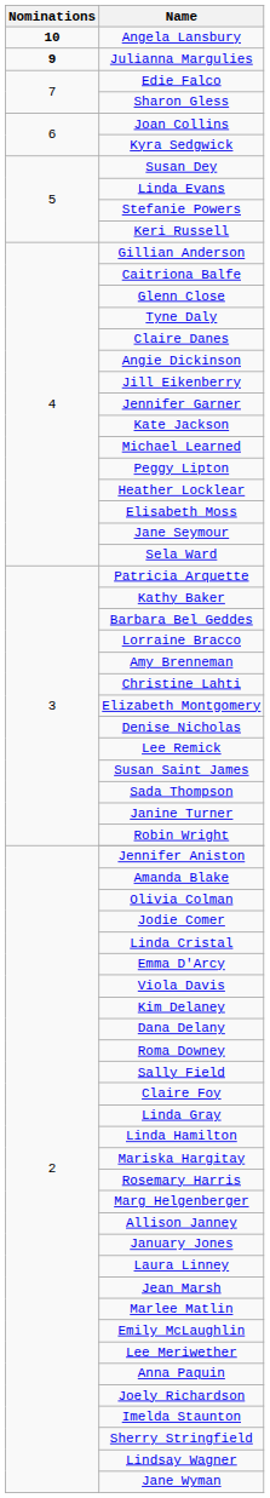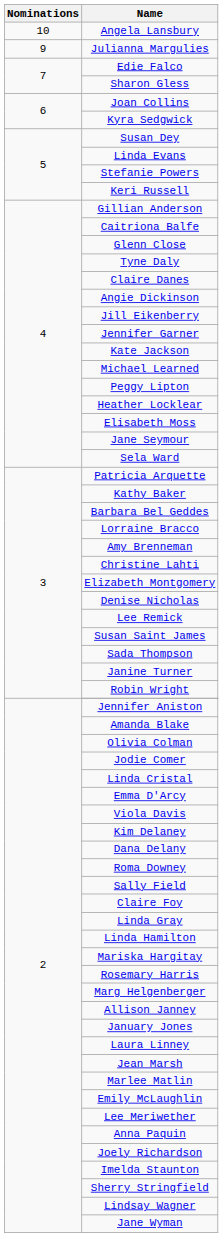 <table class="wikitable sortable" style="text-align: center;">
 <tr>
 <th scope="col" width="55">Nominations</th>
 <th scope="col" align="center">Name</th>
 </tr>
 <tr>
-<td><strong>10</strong></td>
+<td>10</td>
 <td><a href='#'>Angela Lansbury</a></td>
 </tr>
 <tr>
-<td><strong>9</strong></td>
+<td>9</td>
 <td><a href='#'>Julianna Margulies</a></td>
 </tr>
 <tr>
 <td rowspan="2">7</td>
 <td><a href='#'>Edie Falco</a></td>
 </tr>
 <tr>
 <td><a href='#'>Sharon Gless</a></td>
 </tr>
 <tr>
 <td rowspan="2">6</td>
 <td><a href='#'>Joan Collins</a></td>
 </tr>
 <tr>
 <td><a href='#'>Kyra Sedgwick</a></td>
 </tr>
 <tr>
 <td rowspan="4">5</td>
 <td><a href='#'>Susan Dey</a></td>
 </tr>
 <tr>
 <td><a href='#'>Linda Evans</a></td>
 </tr>
 <tr>
 <td><a href='#'>Stefanie Powers</a></td>
 </tr>
 <tr>
 <td><a href='#'>Keri Russell</a></td>
 </tr>
 <tr>
 <td rowspan="15">4</td>
 <td><a href='#'>Gillian Anderson</a></td>
 </tr>
 <tr>
 <td><a href='#'>Caitriona Balfe</a></td>
 </tr>
 <tr>
 <td><a href='#'>Glenn Close</a></td>
 </tr>
 <tr>
 <td><a href='#'>Tyne Daly</a></td>
 </tr>
 <tr>
 <td><a href='#'>Claire Danes</a></td>
 </tr>
 <tr>
 <td><a href='#'>Angie Dickinson</a></td>
 </tr>
 <tr>
 <td><a href='#'>Jill Eikenberry</a></td>
 </tr>
 <tr>
 <td><a href='#'>Jennifer Garner</a></td>
 </tr>
 <tr>
 <td><a href='#'>Kate Jackson</a></td>
 </tr>
 <tr>
 <td><a href='#'>Michael Learned</a></td>
 </tr>
 <tr>
 <td><a href='#'>Peggy Lipton</a></td>
 </tr>
 <tr>
 <td><a href='#'>Heather Locklear</a></td>
 </tr>
 <tr>
 <td><a href='#'>Elisabeth Moss</a></td>
 </tr>
 <tr>
 <td><a href='#'>Jane Seymour</a></td>
 </tr>
 <tr>
 <td><a href='#'>Sela Ward</a></td>
 </tr>
 <tr>
 <td rowspan="13">3</td>
 <td><a href='#'>Patricia Arquette</a></td>
 </tr>
 <tr>
 <td><a href='#'>Kathy Baker</a></td>
 </tr>
 <tr>
 <td><a href='#'>Barbara Bel Geddes</a></td>
 </tr>
 <tr>
 <td><a href='#'>Lorraine Bracco</a></td>
 </tr>
 <tr>
 <td><a href='#'>Amy Brenneman</a></td>
 </tr>
 <tr>
 <td><a href='#'>Christine Lahti</a></td>
 </tr>
 <tr>
 <td><a href='#'>Elizabeth Montgomery</a></td>
 </tr>
 <tr>
 <td><a href='#'>Denise Nicholas</a></td>
 </tr>
 <tr>
 <td><a href='#'>Lee Remick</a></td>
 </tr>
 <tr>
 <td><a href='#'>Susan Saint James</a></td>
 </tr>
 <tr>
 <td><a href='#'>Sada Thompson</a></td>
 </tr>
 <tr>
 <td><a href='#'>Janine Turner</a></td>
 </tr>
 <tr>
 <td><a href='#'>Robin Wright</a></td>
 </tr>
 <tr>
 <td rowspan="32">2</td>
 </tr>
 <tr>
 <td><a href='#'>Jennifer Aniston</a></td>
 </tr>
 <tr>
 <td><a href='#'>Amanda Blake</a></td>
 </tr>
 <tr>
 <td><a href='#'>Olivia Colman</a></td>
 </tr>
 <tr>
 <td><a href='#'>Jodie Comer</a></td>
 </tr>
 <tr>
 <td><a href='#'>Linda Cristal</a></td>
 </tr>
 <tr>
 <td><a href='#'>Emma D'Arcy</a></td>
 </tr>
 <tr>
 <td><a href='#'>Viola Davis</a></td>
 </tr>
 <tr>
 <td><a href='#'>Kim Delaney</a></td>
 </tr>
 <tr>
 <td><a href='#'>Dana Delany</a></td>
 </tr>
 <tr>
 <td><a href='#'>Roma Downey</a></td>
 </tr>
 <tr>
 <td><a href='#'>Sally Field</a></td>
 </tr>
 <tr>
 <td><a href='#'>Claire Foy</a></td>
 </tr>
 <tr>
 <td><a href='#'>Linda Gray</a></td>
 </tr>
 <tr>
 <td><a href='#'>Linda Hamilton</a></td>
 </tr>
 <tr>
 <td><a href='#'>Mariska Hargitay</a></td>
 </tr>
 <tr>
 <td><a href='#'>Rosemary Harris</a></td>
 </tr>
 <tr>
 <td><a href='#'>Marg Helgenberger</a></td>
 </tr>
 <tr>
 <td><a href='#'>Allison Janney</a></td>
 </tr>
 <tr>
 <td><a href='#'>January Jones</a></td>
 </tr>
 <tr>
 <td><a href='#'>Laura Linney</a></td>
 </tr>
 <tr>
 <td><a href='#'>Jean Marsh</a></td>
 </tr>
 <tr>
 <td><a href='#'>Marlee Matlin</a></td>
 </tr>
 <tr>
 <td><a href='#'>Emily McLaughlin</a></td>
 </tr>
 <tr>
 <td><a href='#'>Lee Meriwether</a></td>
 </tr>
 <tr>
 <td><a href='#'>Anna Paquin</a></td>
 </tr>
 <tr>
 <td><a href='#'>Joely Richardson</a></td>
 </tr>
 <tr>
 <td><a href='#'>Imelda Staunton</a></td>
 </tr>
 <tr>
 <td><a href='#'>Sherry Stringfield</a></td>
 </tr>
 <tr>
 <td><a href='#'>Lindsay Wagner</a></td>
 </tr>
 <tr>
 <td><a href='#'>Jane Wyman</a></td>
 </tr>
 </table>
